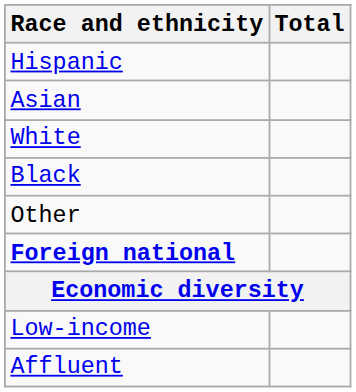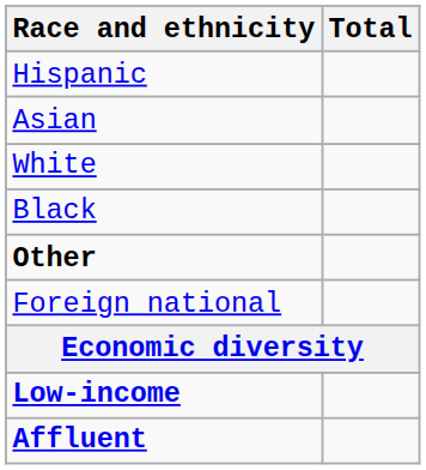 <table class="wikitable floatright sortable collapsible"; text-align:right; font-size:80%;">
 <tr>
 <th>Race and ethnicity</th>
 <th colspan="2" data-sort-type=number>Total</th>
 </tr>
 <tr>
 <td><a href='#'>Hispanic</a></td>
 <td align=right></td>
 </tr>
 <tr>
 <td><a href='#'>Asian</a></td>
 <td align=right></td>
 </tr>
 <tr>
 <td><a href='#'>White</a></td>
 <td align=right></td>
 </tr>
 <tr>
 <td><a href='#'>Black</a></td>
 <td align=right></td>
 </tr>
 <tr>
-<td>Other</td>
+<td><strong>Other</strong></td>
 <td align=right></td>
 </tr>
 <tr>
-<td><strong><a href='#'>Foreign national</a></strong></td>
+<td><a href='#'>Foreign national</a></td>
 <td align=right></td>
 </tr>
 <tr>
 <th colspan="4" data-sort-type=number><a href='#'>Economic diversity</a></th>
 </tr>
 <tr>
-<td><a href='#'>Low-income</a></td>
+<td><strong><a href='#'>Low-income</a></strong></td>
 <td align=right></td>
 </tr>
 <tr>
-<td><a href='#'>Affluent</a></td>
+<td><strong><a href='#'>Affluent</a></strong></td>
 <td align=right></td>
 </tr>
 </table>
